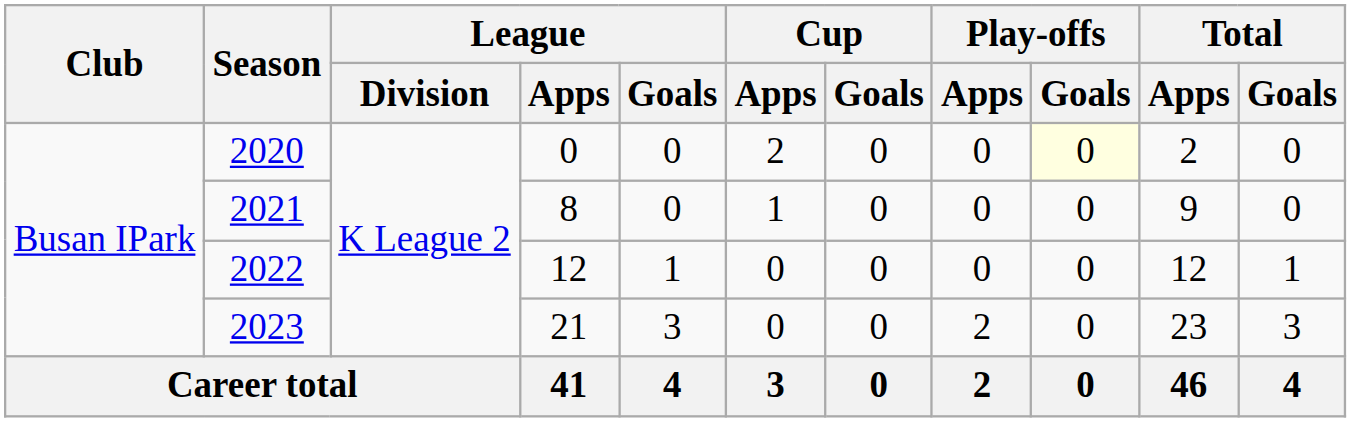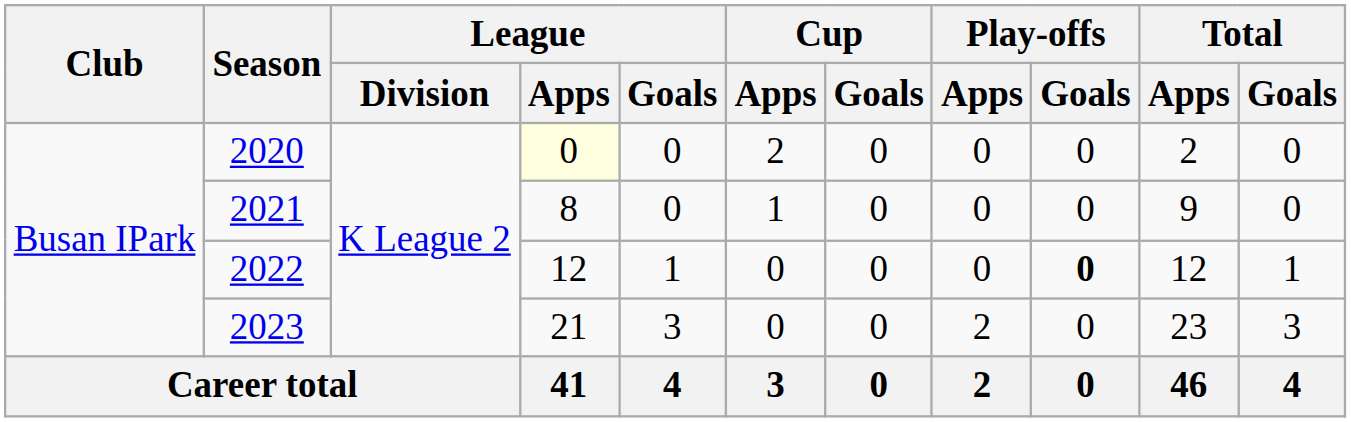 <table class="wikitable" style="text-align: center">
 <tr>
 <th rowspan="2">Club</th>
 <th rowspan="2">Season</th>
 <th colspan="3">League</th>
 <th colspan="2">Cup</th>
 <th colspan="2">Play-offs</th>
 <th colspan="2">Total</th>
 </tr>
 <tr>
 <th>Division</th>
 <th>Apps</th>
 <th>Goals</th>
 <th>Apps</th>
 <th>Goals</th>
 <th>Apps</th>
 <th>Goals</th>
 <th>Apps</th>
 <th>Goals</th>
 </tr>
 <tr>
 <td rowspan="4"><a href='#'>Busan IPark</a></td>
 <td><a href='#'>2020</a></td>
 <td rowspan="4"><a href='#'>K League 2</a></td>
-<td>0</td>
+<td style="background: lightyellow;">0</td>
 <td>0</td>
 <td>2</td>
 <td>0</td>
 <td>0</td>
-<td style="background: lightyellow;">0</td>
+<td>0</td>
 <td>2</td>
 <td>0</td>
 </tr>
 <tr>
 <td><a href='#'>2021</a></td>
 <td>8</td>
 <td>0</td>
 <td>1</td>
 <td>0</td>
 <td>0</td>
 <td>0</td>
 <td>9</td>
 <td>0</td>
 </tr>
 <tr>
 <td><a href='#'>2022</a></td>
 <td>12</td>
 <td>1</td>
 <td>0</td>
 <td>0</td>
 <td>0</td>
-<td>0</td>
+<td><strong>0</strong></td>
 <td>12</td>
 <td>1</td>
 </tr>
 <tr>
 <td><a href='#'>2023</a></td>
 <td>21</td>
 <td>3</td>
 <td>0</td>
 <td>0</td>
 <td>2</td>
 <td>0</td>
 <td>23</td>
 <td>3</td>
 </tr>
 <tr>
 <th colspan=3>Career total</th>
 <th>41</th>
 <th>4</th>
 <th>3</th>
 <th>0</th>
 <th>2</th>
 <th>0</th>
 <th>46</th>
 <th>4</th>
 </tr>
 </table>
